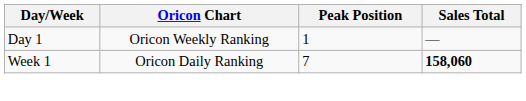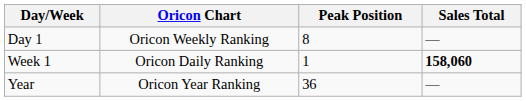 <table class="wikitable" width="575px">
 <tr>
 <th align="left">Day/Week</th>
 <th align="left"><a href='#'>Oricon</a> Chart</th>
 <th align="left">Peak Position</th>
 <th align="left">Sales Total</th>
 </tr>
 <tr>
 <td align="left">Day 1</td>
 <td align="center">Oricon Weekly Ranking</td>
-<td align="left">1</td>
+<td align="left">8</td>
 <td align="left">—</td>
 </tr>
 <tr>
 <td align="left">Week 1</td>
 <td align="center">Oricon Daily Ranking</td>
-<td align="left">7</td>
+<td align="left">1</td>
 <td align="left"><strong>158,060</strong></td>
 </tr>
+<tr>
+<td align="left">Year</td>
+<td align="center">Oricon Year Ranking</td>
+<td align="left">36</td>
+<td align="left">—</td>
+</tr>
 </table>
